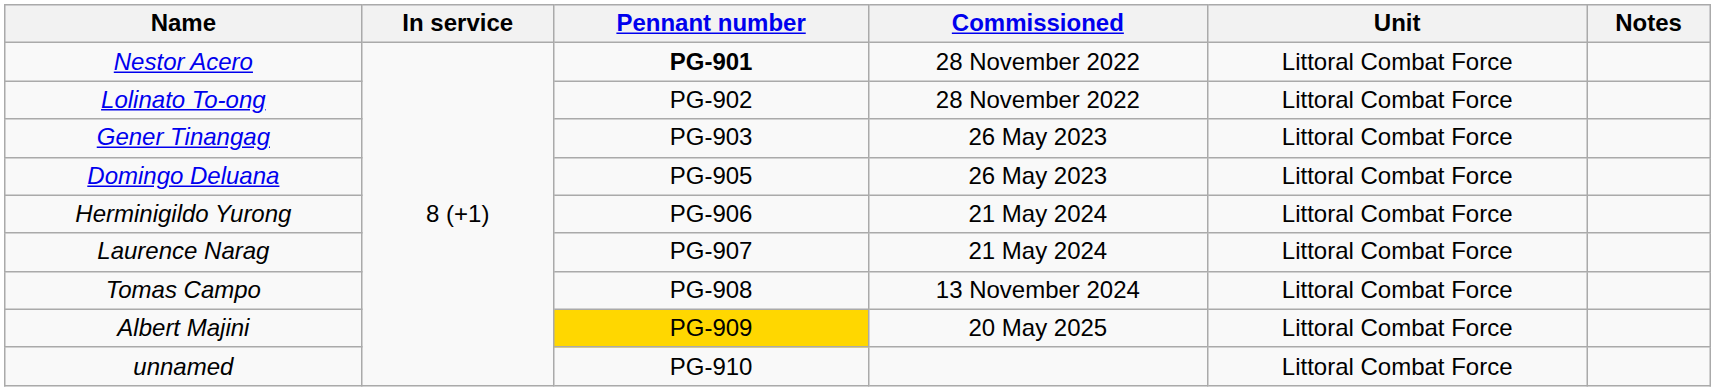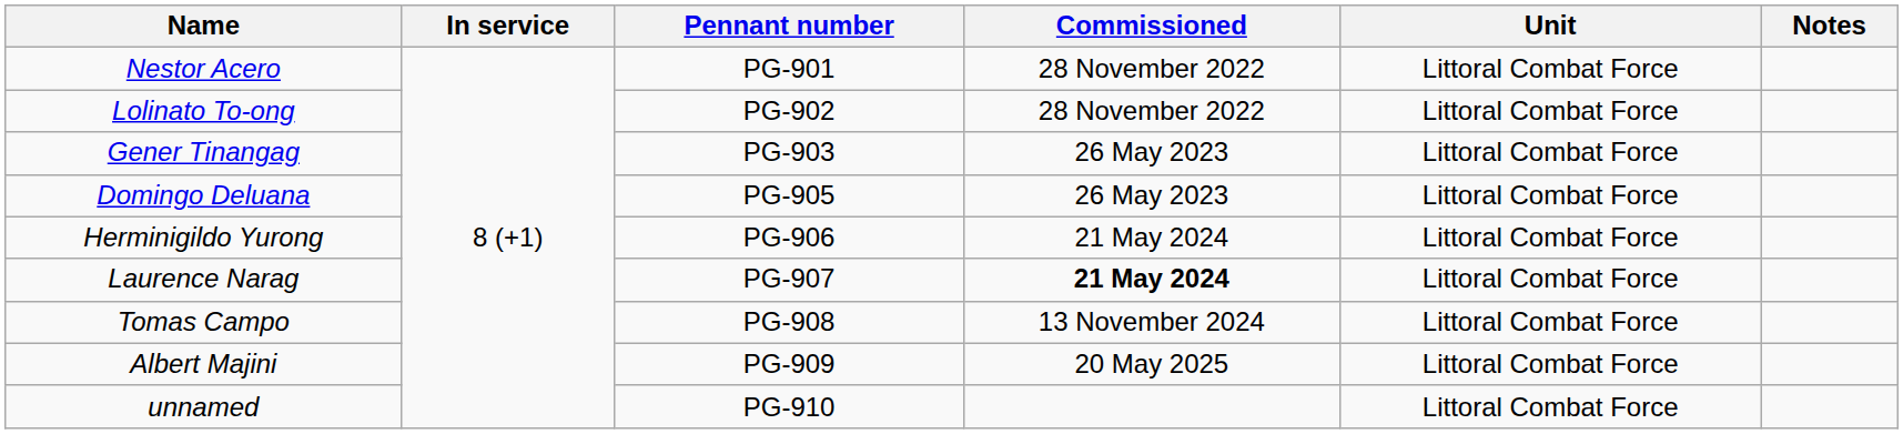 <table class="wikitable"  style="width:90%; text-align:center;">
 <tr style="background:lavender;">
 <th>Name</th>
 <th><strong>In service</strong></th>
 <th><a href='#'>Pennant number</a></th>
 <th><a href='#'>Commissioned</a></th>
 <th>Unit</th>
 <th>Notes</th>
 </tr>
 <tr>
 <td valign="top"><a href='#'><em>Nestor Acero</em></a></td>
 <td rowspan="9">8 (+1)</td>
-<td><strong>PG-901</strong></td>
+<td>PG-901</td>
 <td>28 November 2022</td>
 <td>Littoral Combat Force</td>
 <td></td>
 </tr>
 <tr>
 <td valign="top"><a href='#'><em>Lolinato To-ong</em></a></td>
 <td>PG-902</td>
 <td>28 November 2022</td>
 <td>Littoral Combat Force</td>
 <td></td>
 </tr>
 <tr>
 <td valign="top"><a href='#'><em>Gener Tinangag</em></a></td>
 <td>PG-903</td>
 <td>26 May 2023</td>
 <td>Littoral Combat Force</td>
 <td></td>
 </tr>
 <tr>
 <td valign="top"><a href='#'><em>Domingo Deluana</em></a></td>
 <td>PG-905</td>
 <td>26 May 2023</td>
 <td>Littoral Combat Force</td>
 <td></td>
 </tr>
 <tr>
 <td valign="top"><em>Herminigildo Yurong</em></td>
 <td>PG-906</td>
 <td>21 May 2024</td>
 <td>Littoral Combat Force</td>
 <td></td>
 </tr>
 <tr>
 <td valign="top"><em>Laurence Narag</em></td>
 <td>PG-907</td>
-<td>21 May 2024</td>
+<td><strong>21 May 2024</strong></td>
 <td>Littoral Combat Force</td>
 <td></td>
 </tr>
 <tr>
 <td valign="top"><em>Tomas Campo</em></td>
 <td>PG-908</td>
 <td>13 November 2024</td>
 <td>Littoral Combat Force</td>
 <td></td>
 </tr>
 <tr>
 <td valign="top"><em>Albert Majini</em></td>
-<td style="background: gold;">PG-909</td>
+<td>PG-909</td>
 <td>20 May 2025</td>
 <td>Littoral Combat Force</td>
 <td></td>
 </tr>
 <tr>
 <td valign="top"><em>unnamed</em></td>
 <td>PG-910</td>
 <td></td>
 <td>Littoral Combat Force</td>
 <td></td>
 </tr>
 </table>
